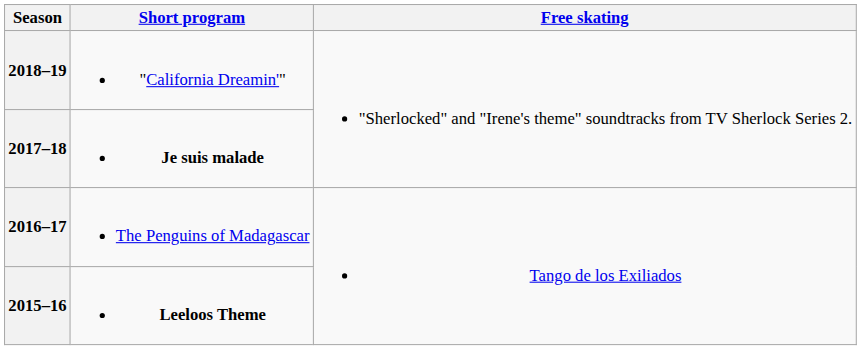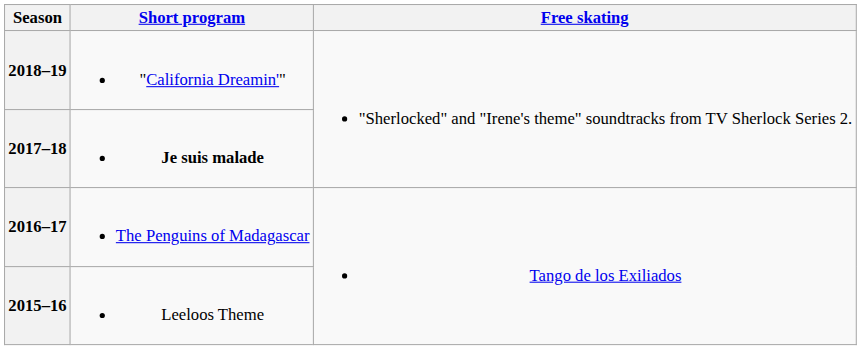 <table class=wikitable style=text-align:center>
 <tr>
 <th>Season</th>
 <th><a href='#'>Short program</a></th>
 <th><a href='#'>Free skating</a></th>
 </tr>
 <tr>
 <th>2018–19 <br> </th>
 <td><br><ul><li>"<a href='#'>California Dreamin'</a>" <br></li></ul></td>
 <td rowspan=2><br><ul><li>"Sherlocked" and "Irene's theme" soundtracks from TV Sherlock Series 2. <br></li></ul></td>
 </tr>
 <tr>
 <th>2017–18 <br></th>
 <td><strong><br><ul><li>Je suis malade <br></li></ul></strong></td>
 </tr>
 <tr>
 <th>2016–17 <br> </th>
 <td><br><ul><li><a href='#'>The Penguins of Madagascar</a> <br></li></ul></td>
 <td rowspan=2><br><ul><li><a href='#'>Tango de los Exiliados</a> <br></li></ul></td>
 </tr>
 <tr>
 <th>2015–16 <br> </th>
-<td><strong><br><ul><li>Leeloos Theme <br></li></ul></strong></td>
+<td><br><ul><li>Leeloos Theme <br></li></ul></td>
 </tr>
 </table>
